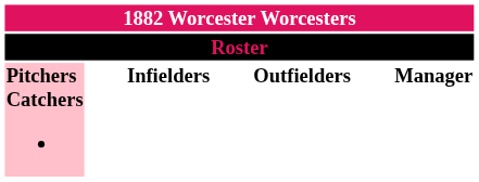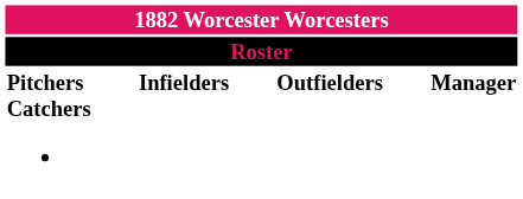 <table class="toccolours" style="font-size: 95%;">
 <tr>
 <th colspan="10" style="background-color: #E0115F; color: white; text-align: center;">1882 Worcester Worcesters</th>
 </tr>
 <tr>
 <td colspan="10" style="background-color: black; color: #E0115F; text-align: center;"><strong>Roster</strong></td>
 </tr>
 <tr>
-<td valign="top" style="background: pink;"><strong>Pitchers</strong><br>   <strong>Catchers</strong><ul><li></li></ul></td>
+<td valign="top"><strong>Pitchers</strong><br>   <strong>Catchers</strong><ul><li></li></ul></td>
 <td width="25px"></td>
 <td valign="top"><strong>Infielders</strong><br>          </td>
 <td width="25px"></td>
 <td valign="top"><strong>Outfielders</strong><br>     </td>
 <td width="25px"></td>
 <td valign="top"><strong>Manager</strong><br>  </td>
 </tr>
 </table>
